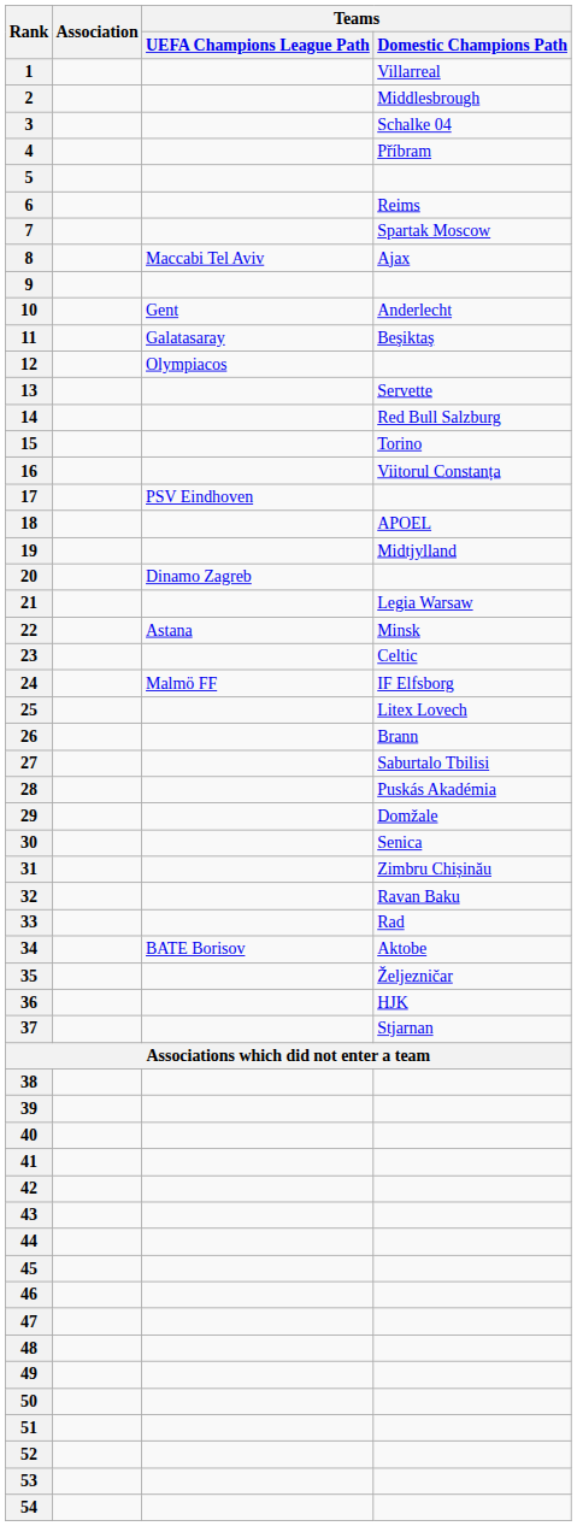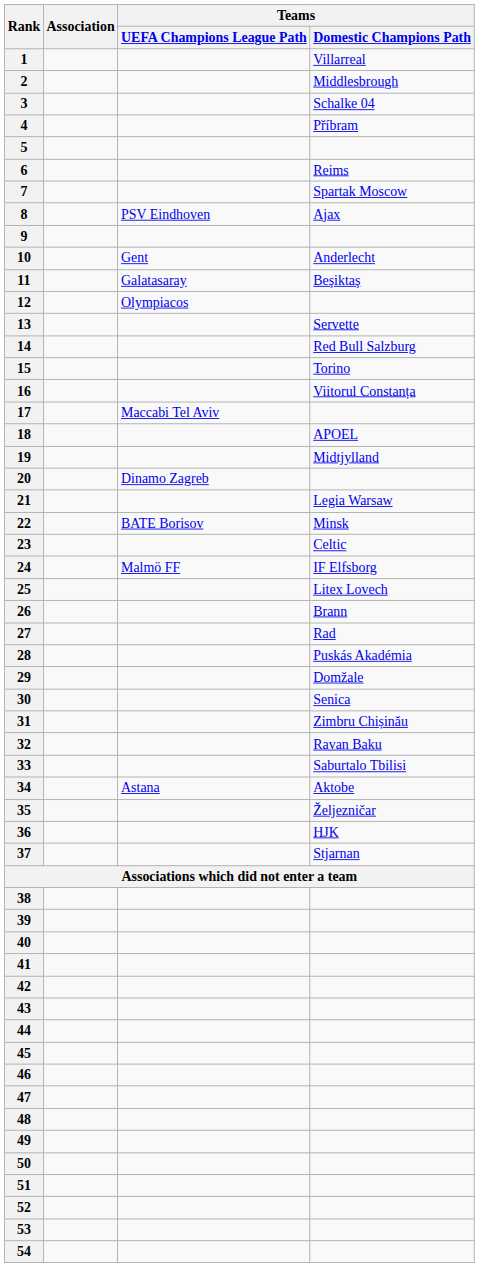 <table class="wikitable">
 <tr>
 <th rowspan=2>Rank</th>
 <th rowspan=2>Association</th>
 <th colspan=2>Teams</th>
 </tr>
 <tr>
 <th><a href='#'>UEFA Champions League Path</a></th>
 <th><a href='#'>Domestic Champions Path</a></th>
 </tr>
 <tr>
 <th>1</th>
 <td></td>
 <td></td>
 <td><a href='#'>Villarreal</a></td>
 </tr>
 <tr>
 <th>2</th>
 <td></td>
 <td></td>
 <td><a href='#'>Middlesbrough</a></td>
 </tr>
 <tr>
 <th>3</th>
 <td></td>
 <td></td>
 <td><a href='#'>Schalke 04</a></td>
 </tr>
 <tr>
 <th>4</th>
 <td></td>
 <td></td>
 <td><a href='#'>Příbram</a></td>
 </tr>
 <tr>
 <th>5</th>
 <td></td>
 <td></td>
 <td></td>
 </tr>
 <tr>
 <th>6</th>
 <td></td>
 <td></td>
 <td><a href='#'>Reims</a></td>
 </tr>
 <tr>
 <th>7</th>
 <td></td>
 <td></td>
 <td><a href='#'>Spartak Moscow</a></td>
 </tr>
 <tr>
 <th>8</th>
 <td></td>
-<td><a href='#'>Maccabi Tel Aviv</a></td>
+<td><a href='#'>PSV Eindhoven</a></td>
 <td><a href='#'>Ajax</a></td>
 </tr>
 <tr>
 <th>9</th>
 <td></td>
 <td></td>
 <td></td>
 </tr>
 <tr>
 <th>10</th>
 <td></td>
 <td><a href='#'>Gent</a></td>
 <td><a href='#'>Anderlecht</a></td>
 </tr>
 <tr>
 <th>11</th>
 <td></td>
 <td><a href='#'>Galatasaray</a></td>
 <td><a href='#'>Beşiktaş</a></td>
 </tr>
 <tr>
 <th>12</th>
 <td></td>
 <td><a href='#'>Olympiacos</a></td>
 <td></td>
 </tr>
 <tr>
 <th>13</th>
 <td></td>
 <td></td>
 <td><a href='#'>Servette</a></td>
 </tr>
 <tr>
 <th>14</th>
 <td></td>
 <td></td>
 <td><a href='#'>Red Bull Salzburg</a></td>
 </tr>
 <tr>
 <th>15</th>
 <td></td>
 <td></td>
 <td><a href='#'>Torino</a></td>
 </tr>
 <tr>
 <th>16</th>
 <td></td>
 <td></td>
 <td><a href='#'>Viitorul Constanța</a></td>
 </tr>
 <tr>
 <th>17</th>
 <td></td>
-<td><a href='#'>PSV Eindhoven</a></td>
+<td><a href='#'>Maccabi Tel Aviv</a></td>
 <td></td>
 </tr>
 <tr>
 <th>18</th>
 <td></td>
 <td></td>
 <td><a href='#'>APOEL</a></td>
 </tr>
 <tr>
 <th>19</th>
 <td></td>
 <td></td>
 <td><a href='#'>Midtjylland</a></td>
 </tr>
 <tr>
 <th>20</th>
 <td></td>
 <td><a href='#'>Dinamo Zagreb</a></td>
 <td></td>
 </tr>
 <tr>
 <th>21</th>
 <td></td>
 <td></td>
 <td><a href='#'>Legia Warsaw</a></td>
 </tr>
 <tr>
 <th>22</th>
 <td></td>
-<td><a href='#'>Astana</a></td>
+<td><a href='#'>BATE Borisov</a></td>
 <td><a href='#'>Minsk</a></td>
 </tr>
 <tr>
 <th>23</th>
 <td></td>
 <td></td>
 <td><a href='#'>Celtic</a></td>
 </tr>
 <tr>
 <th>24</th>
 <td></td>
 <td><a href='#'>Malmö FF</a></td>
 <td><a href='#'>IF Elfsborg</a></td>
 </tr>
 <tr>
 <th>25</th>
 <td></td>
 <td></td>
 <td><a href='#'>Litex Lovech</a></td>
 </tr>
 <tr>
 <th>26</th>
 <td></td>
 <td></td>
 <td><a href='#'>Brann</a></td>
 </tr>
 <tr>
 <th>27</th>
 <td></td>
 <td></td>
-<td><a href='#'>Saburtalo Tbilisi</a></td>
+<td><a href='#'>Rad</a></td>
 </tr>
 <tr>
 <th>28</th>
 <td></td>
 <td></td>
 <td><a href='#'>Puskás Akadémia</a></td>
 </tr>
 <tr>
 <th>29</th>
 <td></td>
 <td></td>
 <td><a href='#'>Domžale</a></td>
 </tr>
 <tr>
 <th>30</th>
 <td></td>
 <td></td>
 <td><a href='#'>Senica</a></td>
 </tr>
 <tr>
 <th>31</th>
 <td></td>
 <td></td>
 <td><a href='#'>Zimbru Chișinău</a></td>
 </tr>
 <tr>
 <th>32</th>
 <td></td>
 <td></td>
 <td><a href='#'>Ravan Baku</a></td>
 </tr>
 <tr>
 <th>33</th>
 <td></td>
 <td></td>
-<td><a href='#'>Rad</a></td>
+<td><a href='#'>Saburtalo Tbilisi</a></td>
 </tr>
 <tr>
 <th>34</th>
 <td></td>
-<td><a href='#'>BATE Borisov</a></td>
+<td><a href='#'>Astana</a></td>
 <td><a href='#'>Aktobe</a></td>
 </tr>
 <tr>
 <th>35</th>
 <td></td>
 <td></td>
 <td><a href='#'>Željezničar</a></td>
 </tr>
 <tr>
 <th>36</th>
 <td></td>
 <td></td>
 <td><a href='#'>HJK</a></td>
 </tr>
 <tr>
 <th>37</th>
 <td></td>
 <td></td>
 <td><a href='#'>Stjarnan</a></td>
 </tr>
 <tr>
 <th colspan=4>Associations which did not enter a team</th>
 </tr>
 <tr>
 <th>38</th>
 <td></td>
 <td></td>
 <td></td>
 </tr>
 <tr>
 <th>39</th>
 <td></td>
 <td></td>
 <td></td>
 </tr>
 <tr>
 <th>40</th>
 <td></td>
 <td></td>
 <td></td>
 </tr>
 <tr>
 <th>41</th>
 <td></td>
 <td></td>
 <td></td>
 </tr>
 <tr>
 <th>42</th>
 <td></td>
 <td></td>
 <td></td>
 </tr>
 <tr>
 <th>43</th>
 <td></td>
 <td></td>
 <td></td>
 </tr>
 <tr>
 <th>44</th>
 <td></td>
 <td></td>
 <td></td>
 </tr>
 <tr>
 <th>45</th>
 <td></td>
 <td></td>
 <td></td>
 </tr>
 <tr>
 <th>46</th>
 <td></td>
 <td></td>
 <td></td>
 </tr>
 <tr>
 <th>47</th>
 <td></td>
 <td></td>
 <td></td>
 </tr>
 <tr>
 <th>48</th>
 <td></td>
 <td></td>
 <td></td>
 </tr>
 <tr>
 <th>49</th>
 <td></td>
 <td></td>
 <td></td>
 </tr>
 <tr>
 <th>50</th>
 <td></td>
 <td></td>
 <td></td>
 </tr>
 <tr>
 <th>51</th>
 <td></td>
 <td></td>
 <td></td>
 </tr>
 <tr>
 <th>52</th>
 <td></td>
 <td></td>
 <td></td>
 </tr>
 <tr>
 <th>53</th>
 <td></td>
 <td></td>
 <td></td>
 </tr>
 <tr>
 <th>54</th>
 <td></td>
 <td></td>
 <td></td>
 </tr>
 </table>
